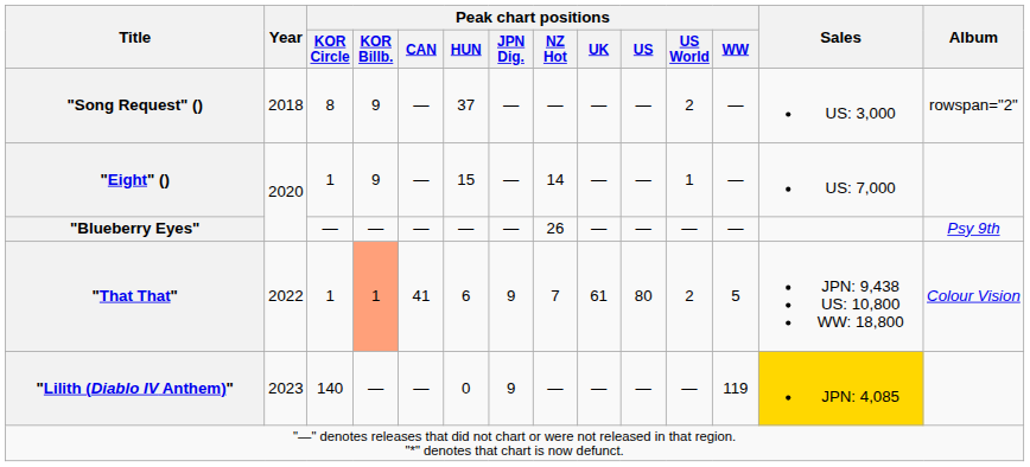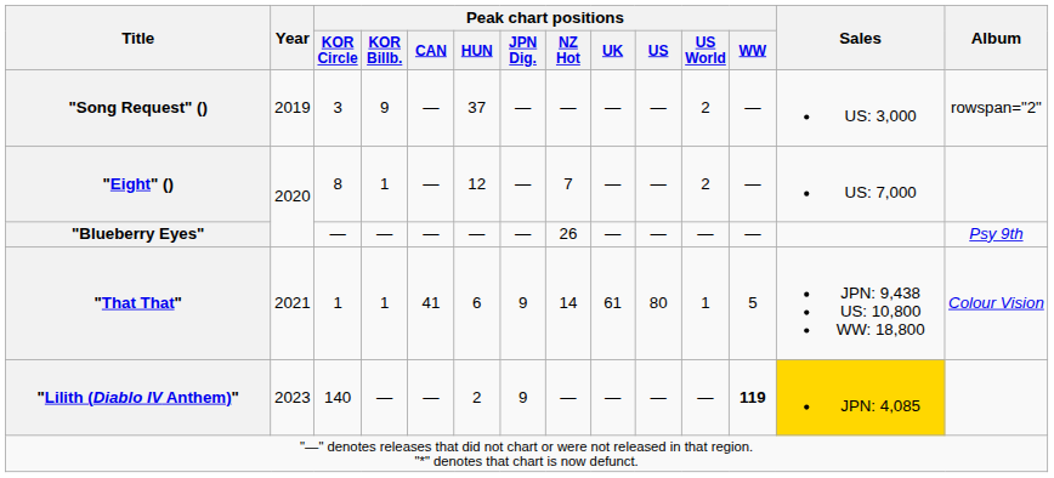 <table class="wikitable plainrowheaders" style="text-align:center;" border="1">
 <tr>
 <th scope=col rowspan="2" style="width:16em;">Title</th>
 <th scope=col rowspan="2">Year</th>
 <th scope="col" colspan="10">Peak chart positions</th>
 <th scope="col" rowspan="2" style="width:10em;">Sales</th>
 <th scope="col" rowspan="2">Album</th>
 </tr>
 <tr>
 <th scope="col" style="width:2.75em;font-size:90%;"><a href='#'>KOR<br>Circle</a><br></th>
 <th scope="col" style="width:2.75em;font-size:90%;"><a href='#'>KOR<br>Billb.</a><br></th>
 <th scope="col" style="width:2.7em;font-size:90%;"><a href='#'>CAN</a><br></th>
 <th scope="col" style="width:2.7em;font-size:90%;"><a href='#'>HUN</a><br></th>
 <th scope="col" style="width:2.7em;font-size:90%;"><a href='#'>JPN<br>Dig.</a><br></th>
 <th scope="col" style="width:2.6em;font-size:90%;"><a href='#'>NZ<br>Hot</a><br></th>
 <th scope="col" style="width:2.6em;font-size:90%;"><a href='#'>UK</a><br></th>
 <th scope="col" style="width:2.75em;font-size:90%;"><a href='#'>US</a><br></th>
 <th scope="col" style="width:2.75em;font-size:90%;"><a href='#'>US<br>World</a><br></th>
 <th scope="col" style="width:2.75em;font-size:90%;"><a href='#'>WW</a><br></th>
 </tr>
 <tr>
 <th scope="row">"Song Request" ()<br></th>
-<td>2018</td>
-<td>8</td>
+<td>2019</td>
+<td>3</td>
 <td>9</td>
 <td>—</td>
 <td>37</td>
 <td>—</td>
 <td>—</td>
 <td>—</td>
 <td>—</td>
 <td>2</td>
 <td>—</td>
 <td><br><ul><li>US: 3,000</li></ul></td>
 <td>rowspan="2" </td>
 </tr>
 <tr>
 <th scope="row">"<a href='#'>Eight</a>" ()<br></th>
 <td rowspan="2">2020</td>
+<td>8</td>
 <td>1</td>
-<td>9</td>
 <td>—</td>
-<td>15</td>
+<td>12</td>
 <td>—</td>
-<td>14</td>
+<td>7</td>
 <td>—</td>
 <td>—</td>
-<td>1</td>
+<td>2</td>
 <td>—</td>
 <td><br><ul><li>US: 7,000</li></ul></td>
 </tr>
 <tr>
 <th scope="row">"Blueberry Eyes"<br></th>
 <td>—</td>
 <td>—</td>
 <td>—</td>
 <td>—</td>
 <td>—</td>
 <td>26</td>
 <td>—</td>
 <td>—</td>
 <td>—</td>
 <td>—</td>
 <td></td>
 <td><em><a href='#'>Psy 9th</a></em></td>
 </tr>
 <tr>
 <th scope="row">"<a href='#'>That That</a>"<br></th>
-<td>2022</td>
+<td>2021</td>
 <td>1</td>
-<td style="background: lightsalmon;">1</td>
+<td>1</td>
 <td>41</td>
 <td>6</td>
 <td>9</td>
-<td>7</td>
+<td>14</td>
 <td>61</td>
 <td>80</td>
-<td>2</td>
+<td>1</td>
 <td>5</td>
 <td><br><ul><li>JPN: 9,438</li><li>US: 10,800</li><li>WW: 18,800</li></ul></td>
 <td><em><a href='#'>Colour Vision</a></em></td>
 </tr>
 <tr>
 <th scope="row">"<a href='#'>Lilith (<em>Diablo IV</em> Anthem)</a>"<br></th>
 <td>2023</td>
 <td>140</td>
 <td>—</td>
 <td>—</td>
-<td>0</td>
+<td>2</td>
 <td>9</td>
 <td>—</td>
 <td>—</td>
 <td>—</td>
 <td>—</td>
-<td>119</td>
+<td><strong>119</strong></td>
 <td style="background: gold;"><br><ul><li>JPN: 4,085</li></ul></td>
 <td></td>
 </tr>
 <tr>
 <td colspan="14" style="font-size:85%">"—" denotes releases that did not chart or were not released in that region.<br>"*" denotes that chart is now defunct.</td>
 </tr>
 </table>
